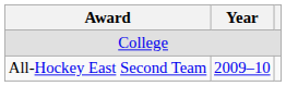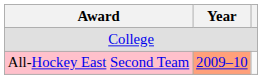 <table class="wikitable">
 <tr>
 <th>Award</th>
 <th>Year</th>
 <th></th>
 </tr>
 <tr ALIGN="center" bgcolor="#e0e0e0">
 <td colspan="3"><a href='#'>College</a></td>
 </tr>
 <tr>
-<td>All-<a href='#'>Hockey East</a> <a href='#'>Second Team</a></td>
-<td><a href='#'>2009–10</a></td>
+<td style="background: pink;">All-<a href='#'>Hockey East</a> <a href='#'>Second Team</a></td>
+<td style="background: lightsalmon;"><a href='#'>2009–10</a></td>
 <td></td>
 </tr>
 </table>
